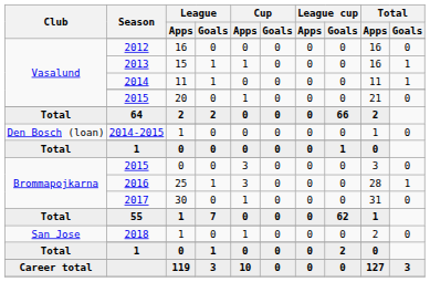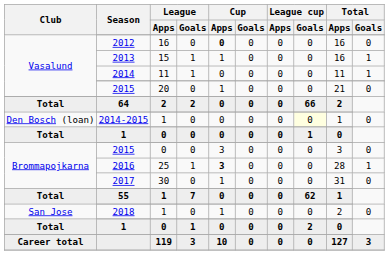 <table class="wikitable" style="font-size:90%; text-align: center;">
 <tr>
 <th rowspan="2">Club</th>
 <th rowspan="2">Season</th>
 <th colspan="2">League</th>
 <th colspan="2">Cup</th>
 <th colspan="2">League cup</th>
 <th colspan="2">Total</th>
 </tr>
 <tr>
 <th>Apps</th>
 <th>Goals</th>
 <th>Apps</th>
 <th>Goals</th>
 <th>Apps</th>
 <th>Goals</th>
 <th>Apps</th>
 <th>Goals</th>
 </tr>
 <tr ||-||-||-|->
 <td rowspan="6" valign="center"><a href='#'>Vasalund</a></td>
 </tr>
 <tr>
 <td><a href='#'>2012</a></td>
 <td>16</td>
 <td>0</td>
-<td>0</td>
+<td><strong>0</strong></td>
 <td>0</td>
 <td>0</td>
 <td>0</td>
 <td>16</td>
 <td>0</td>
 </tr>
 <tr>
 <td><a href='#'>2013</a></td>
 <td>15</td>
 <td>1</td>
 <td>1</td>
 <td>0</td>
 <td>0</td>
 <td>0</td>
 <td>16</td>
 <td>1</td>
 </tr>
 <tr>
 <td><a href='#'>2014</a></td>
 <td>11</td>
 <td>1</td>
 <td>0</td>
 <td>0</td>
 <td>0</td>
 <td>0</td>
 <td>11</td>
 <td>1</td>
 </tr>
 <tr>
 </tr>
 <tr>
 <td><a href='#'>2015</a></td>
 <td>20</td>
 <td>0</td>
 <td>1</td>
 <td>0</td>
 <td>0</td>
 <td>0</td>
 <td>21</td>
 <td>0</td>
 </tr>
 <tr>
 </tr>
 <tr style="font-weight:bold; background-color:#eeeeee;">
 <td>Total</td>
 <td>64</td>
 <td>2</td>
 <td>2</td>
 <td>0</td>
 <td>0</td>
 <td>0</td>
 <td>66</td>
 <td>2</td>
 </tr>
 <tr>
 <td rowspan="3" valign="center"><a href='#'>Den Bosch</a> (loan)</td>
 </tr>
 <tr>
 <td><a href='#'>2014-2015</a></td>
 <td>1</td>
 <td>0</td>
 <td>0</td>
 <td>0</td>
 <td>0</td>
-<td>0</td>
+<td style="background: lightyellow;">0</td>
 <td>1</td>
 <td>0</td>
 </tr>
 <tr>
 </tr>
 <tr style="font-weight:bold; background-color:#eeeeee;">
 <td>Total</td>
 <td>1</td>
 <td>0</td>
 <td>0</td>
 <td>0</td>
 <td>0</td>
 <td>0</td>
 <td>1</td>
 <td>0</td>
 </tr>
 <tr>
 <td rowspan="5" valign="center"><a href='#'>Brommapojkarna</a></td>
 </tr>
 <tr>
 <td><a href='#'>2015</a></td>
 <td>0</td>
 <td>0</td>
 <td>3</td>
 <td>0</td>
 <td>0</td>
 <td>0</td>
 <td>3</td>
 <td>0</td>
 </tr>
 <tr>
 <td><a href='#'>2016</a></td>
 <td>25</td>
 <td>1</td>
-<td>3</td>
+<td><strong>3</strong></td>
 <td>0</td>
 <td>0</td>
 <td>0</td>
 <td>28</td>
 <td>1</td>
 </tr>
 <tr>
 <td><a href='#'>2017</a></td>
 <td>30</td>
 <td>0</td>
 <td>1</td>
 <td>0</td>
 <td>0</td>
 <td>0</td>
 <td>31</td>
 <td>0</td>
 </tr>
 <tr>
 </tr>
 <tr style="font-weight:bold; background-color:#eeeeee;">
 <td>Total</td>
 <td>55</td>
 <td>1</td>
 <td>7</td>
 <td>0</td>
 <td>0</td>
 <td>0</td>
 <td>62</td>
 <td>1</td>
 </tr>
 <tr>
 <td rowspan="3" valign="center"><a href='#'>San Jose</a></td>
 </tr>
 <tr>
 <td><a href='#'>2018</a></td>
 <td>1</td>
 <td>0</td>
 <td>1</td>
 <td>0</td>
 <td>0</td>
 <td>0</td>
 <td>2</td>
 <td>0</td>
 </tr>
 <tr>
 </tr>
 <tr style="font-weight:bold; background-color:#eeeeee;">
 <td>Total</td>
 <td>1</td>
 <td>0</td>
 <td>1</td>
 <td>0</td>
 <td>0</td>
 <td>0</td>
 <td>2</td>
 <td>0</td>
 </tr>
 <tr>
 </tr>
 <tr style="font-weight:bold; background-color:#eeeeee;">
 <td valign="top"><strong>Career total</strong></td>
 <td></td>
 <td><strong>119</strong></td>
 <td><strong>3</strong></td>
 <td><strong>10</strong></td>
 <td><strong>0</strong></td>
 <td><strong>0</strong></td>
 <td><strong>0</strong></td>
 <td><strong>127</strong></td>
 <td><strong>3</strong></td>
 </tr>
 <tr>
 </tr>
 </table>
